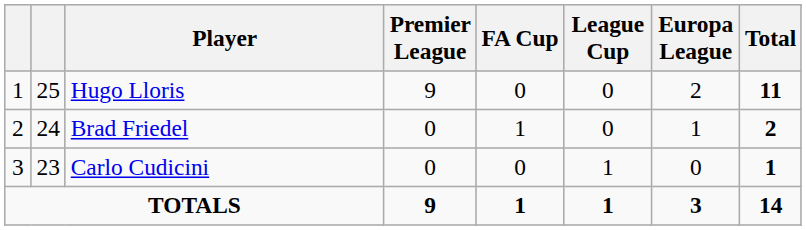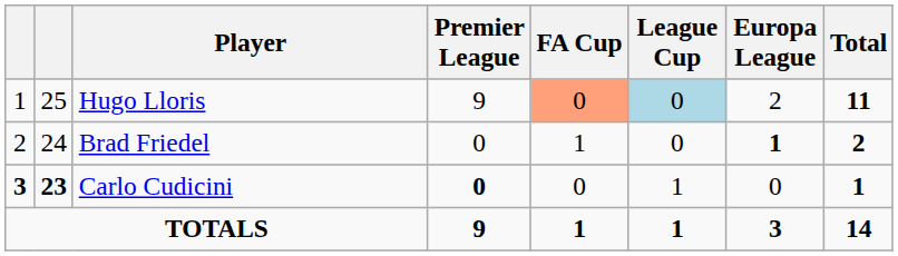 <table class="wikitable sortable" style="font-size: 95%; text-align: center;">
 <tr>
 <th width=10></th>
 <th width=10></th>
 <th width=200>Player</th>
 <th width=50>Premier League</th>
 <th width=50>FA Cup</th>
 <th width=50>League Cup</th>
 <th width=50>Europa League</th>
 <th>Total</th>
 </tr>
 <tr>
 <td>1</td>
 <td>25</td>
 <td align="left"> <a href='#'>Hugo Lloris</a></td>
 <td>9</td>
-<td>0</td>
-<td>0</td>
+<td style="background: lightsalmon;">0</td>
+<td style="background: lightblue;">0</td>
 <td>2</td>
 <td><strong>11</strong></td>
 </tr>
 <tr>
 <td>2</td>
 <td>24</td>
 <td align="left"> <a href='#'>Brad Friedel</a></td>
 <td>0</td>
 <td>1</td>
 <td>0</td>
-<td>1</td>
+<td><strong>1</strong></td>
 <td><strong>2</strong></td>
 </tr>
 <tr>
-<td>3</td>
-<td>23</td>
+<td><strong>3</strong></td>
+<td><strong>23</strong></td>
 <td align="left"> <a href='#'>Carlo Cudicini</a></td>
-<td>0</td>
+<td><strong>0</strong></td>
 <td>0</td>
 <td>1</td>
 <td>0</td>
 <td><strong>1</strong></td>
 </tr>
 <tr>
 <td colspan="3"><strong>TOTALS</strong></td>
 <td><strong>9</strong></td>
 <td><strong>1</strong></td>
 <td><strong>1</strong></td>
 <td><strong>3</strong></td>
 <td><strong>14</strong></td>
 </tr>
 </table>
